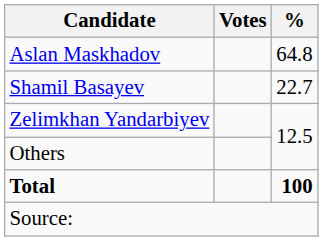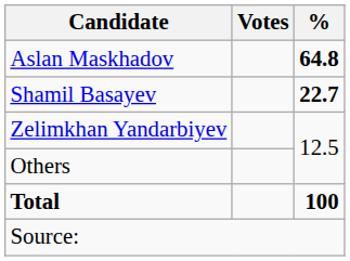 <table class=wikitable style=text-align:right>
 <tr>
 <th>Candidate</th>
 <th>Votes</th>
 <th>%</th>
 </tr>
 <tr>
 <td align=left><a href='#'>Aslan Maskhadov</a></td>
 <td></td>
-<td>64.8</td>
+<td><strong>64.8</strong></td>
 </tr>
 <tr>
 <td align=left><a href='#'>Shamil Basayev</a></td>
 <td></td>
-<td>22.7</td>
+<td><strong>22.7</strong></td>
 </tr>
 <tr>
 <td align=left><a href='#'>Zelimkhan Yandarbiyev</a></td>
 <td></td>
 <td rowspan=2>12.5</td>
 </tr>
 <tr>
 <td align=left>Others</td>
 <td></td>
 </tr>
 <tr>
 <td align=left><strong>Total</strong></td>
 <td></td>
 <td><strong>100</strong></td>
 </tr>
 <tr>
 <td align=left colspan=3>Source: </td>
 </tr>
 </table>
